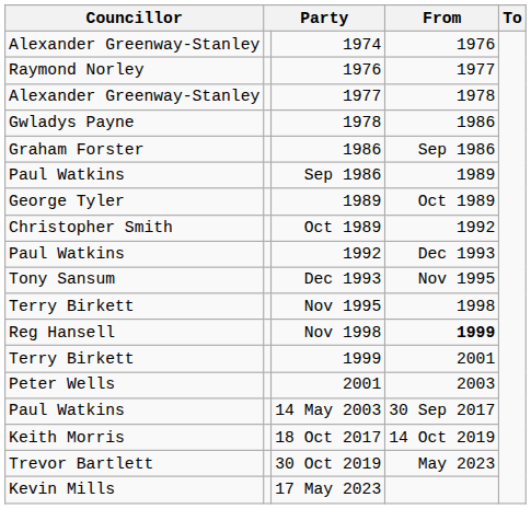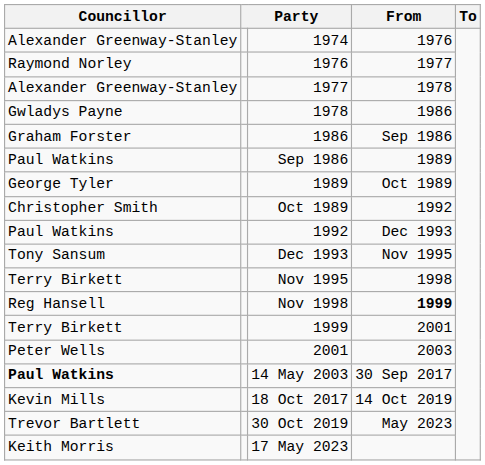 <table class=wikitable>
 <tr>
 <th>Councillor</th>
 <th colspan=2>Party</th>
 <th>From</th>
 <th>To</th>
 </tr>
 <tr>
 <td>Alexander Greenway-Stanley</td>
 <td></td>
 <td align=right>1974</td>
 <td align=right>1976</td>
 </tr>
 <tr>
 <td>Raymond Norley</td>
 <td></td>
 <td align=right>1976</td>
 <td align=right>1977</td>
 </tr>
 <tr>
 <td>Alexander Greenway-Stanley</td>
 <td></td>
 <td align=right>1977</td>
 <td align=right>1978</td>
 </tr>
 <tr>
 <td>Gwladys Payne</td>
 <td></td>
 <td align=right>1978</td>
 <td align=right>1986</td>
 </tr>
 <tr>
 <td>Graham Forster</td>
 <td></td>
 <td align=right>1986</td>
 <td align=right>Sep 1986</td>
 </tr>
 <tr>
 <td>Paul Watkins</td>
 <td></td>
 <td align=right>Sep 1986</td>
 <td align=right>1989</td>
 </tr>
 <tr>
 <td>George Tyler</td>
 <td></td>
 <td align=right>1989</td>
 <td align=right>Oct 1989</td>
 </tr>
 <tr>
 <td>Christopher Smith</td>
 <td></td>
 <td align=right>Oct 1989</td>
 <td align=right>1992</td>
 </tr>
 <tr>
 <td>Paul Watkins</td>
 <td></td>
 <td align=right>1992</td>
 <td align=right>Dec 1993</td>
 </tr>
 <tr>
 <td>Tony Sansum</td>
 <td></td>
 <td align=right>Dec 1993</td>
 <td align=right>Nov 1995</td>
 </tr>
 <tr>
 <td>Terry Birkett</td>
 <td></td>
 <td align=right>Nov 1995</td>
 <td align=right>1998</td>
 </tr>
 <tr>
 <td>Reg Hansell</td>
 <td></td>
 <td align=right>Nov 1998</td>
 <td align=right><strong>1999</strong></td>
 </tr>
 <tr>
 <td>Terry Birkett</td>
 <td></td>
 <td align=right>1999</td>
 <td align=right>2001</td>
 </tr>
 <tr>
 <td>Peter Wells</td>
 <td></td>
 <td align=right>2001</td>
 <td align=right>2003</td>
 </tr>
 <tr>
-<td>Paul Watkins</td>
+<td><strong>Paul Watkins</strong></td>
 <td></td>
 <td align=right>14 May 2003</td>
 <td align=right>30 Sep 2017</td>
 </tr>
 <tr>
-<td>Keith Morris</td>
+<td>Kevin Mills</td>
 <td></td>
 <td align=right>18 Oct 2017</td>
 <td align=right>14 Oct 2019</td>
 </tr>
 <tr>
 <td>Trevor Bartlett</td>
 <td></td>
 <td align=right>30 Oct 2019</td>
 <td align=right>May 2023</td>
 </tr>
 <tr>
-<td>Kevin Mills</td>
+<td>Keith Morris</td>
 <td></td>
 <td align=right>17 May 2023</td>
 <td></td>
 </tr>
 </table>
